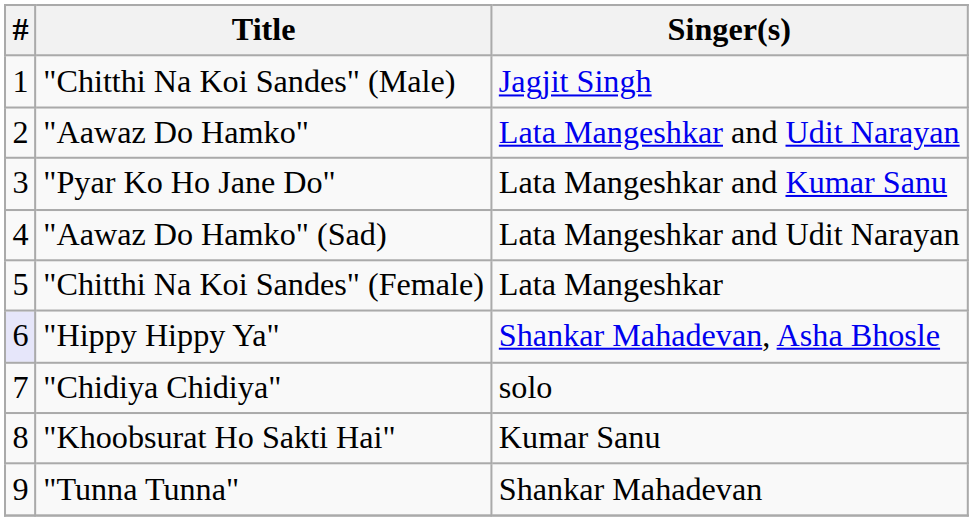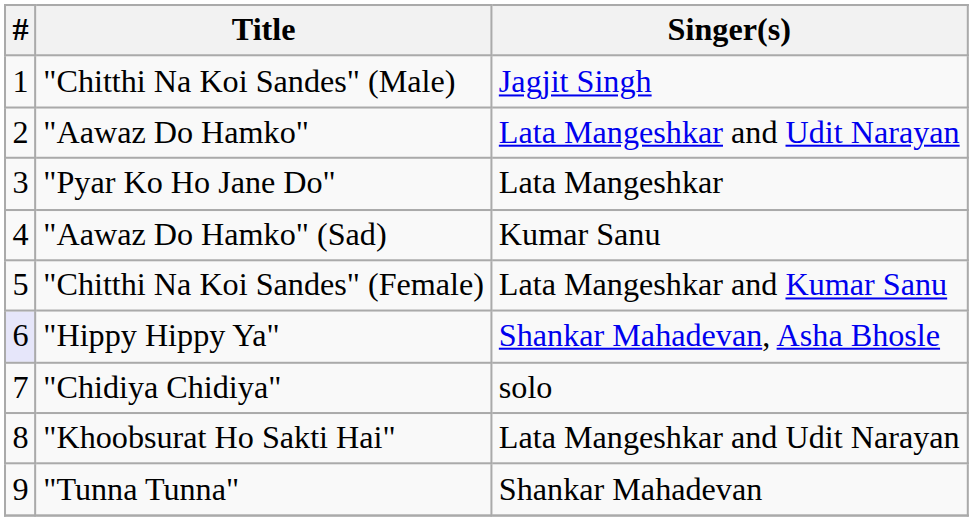 <table class="wikitable">
 <tr>
 <th>#</th>
 <th>Title</th>
 <th>Singer(s)</th>
 </tr>
 <tr>
 <td>1</td>
 <td>"Chitthi Na Koi Sandes" (Male)</td>
 <td><a href='#'>Jagjit Singh</a></td>
 </tr>
 <tr>
 <td>2</td>
 <td>"Aawaz Do Hamko"</td>
 <td><a href='#'>Lata Mangeshkar</a> and <a href='#'>Udit Narayan</a></td>
 </tr>
 <tr>
 <td>3</td>
 <td>"Pyar Ko Ho Jane Do"</td>
-<td>Lata Mangeshkar and <a href='#'>Kumar Sanu</a></td>
+<td>Lata Mangeshkar</td>
 </tr>
 <tr>
 <td>4</td>
 <td>"Aawaz Do Hamko" (Sad)</td>
-<td>Lata Mangeshkar and Udit Narayan</td>
+<td>Kumar Sanu</td>
 </tr>
 <tr>
 <td>5</td>
 <td>"Chitthi Na Koi Sandes" (Female)</td>
-<td>Lata Mangeshkar</td>
+<td>Lata Mangeshkar and <a href='#'>Kumar Sanu</a></td>
 </tr>
 <tr>
 <td style="background: lavender;">6</td>
 <td>"Hippy Hippy Ya"</td>
 <td><a href='#'>Shankar Mahadevan</a>, <a href='#'>Asha Bhosle</a></td>
 </tr>
 <tr>
 <td>7</td>
 <td>"Chidiya Chidiya"</td>
 <td>solo</td>
 </tr>
 <tr>
 <td>8</td>
 <td>"Khoobsurat Ho Sakti Hai"</td>
-<td>Kumar Sanu</td>
+<td>Lata Mangeshkar and Udit Narayan</td>
 </tr>
 <tr>
 <td>9</td>
 <td>"Tunna Tunna"</td>
 <td>Shankar Mahadevan</td>
 </tr>
 <tr>
 </tr>
 </table>
